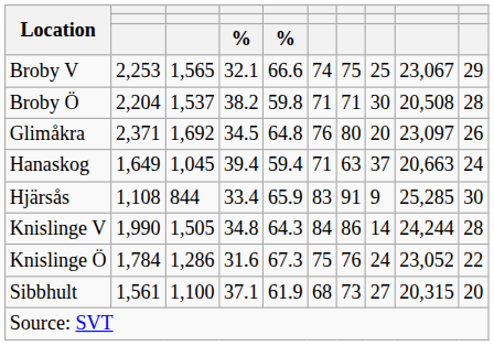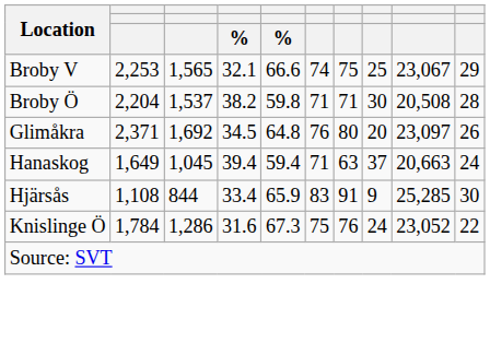 <table role="presentation" class="wikitable sortable mw-collapsible">
 <tr>
 <th rowspan="3">Location</th>
 <th></th>
 <th></th>
 <th></th>
 <th></th>
 <th></th>
 <th></th>
 <th></th>
 <th></th>
 <th></th>
 </tr>
 <tr>
 <th></th>
 <th></th>
 <th style="background:"></th>
 <th style="background:"></th>
 <th></th>
 <th></th>
 <th></th>
 <th></th>
 <th></th>
 </tr>
 <tr>
 <th data-sort-type="number"></th>
 <th data-sort-type="number"></th>
 <th data-sort-type="number">%</th>
 <th data-sort-type="number">%</th>
 <th data-sort-type="number"></th>
 <th data-sort-type="number"></th>
 <th data-sort-type="number"></th>
 <th data-sort-type="number"></th>
 <th data-sort-type="number"></th>
 </tr>
 <tr>
 <td align="left">Broby V</td>
 <td>2,253</td>
 <td>1,565</td>
 <td>32.1</td>
 <td>66.6</td>
 <td>74</td>
 <td>75</td>
 <td>25</td>
 <td>23,067</td>
 <td>29</td>
 </tr>
 <tr>
 <td align="left">Broby Ö</td>
 <td>2,204</td>
 <td>1,537</td>
 <td>38.2</td>
 <td>59.8</td>
 <td>71</td>
 <td>71</td>
 <td>30</td>
 <td>20,508</td>
 <td>28</td>
 </tr>
 <tr>
 <td align="left">Glimåkra</td>
 <td>2,371</td>
 <td>1,692</td>
 <td>34.5</td>
 <td>64.8</td>
 <td>76</td>
 <td>80</td>
 <td>20</td>
 <td>23,097</td>
 <td>26</td>
 </tr>
 <tr>
 <td align="left">Hanaskog</td>
 <td>1,649</td>
 <td>1,045</td>
 <td>39.4</td>
 <td>59.4</td>
 <td>71</td>
 <td>63</td>
 <td>37</td>
 <td>20,663</td>
 <td>24</td>
 </tr>
 <tr>
 <td align="left">Hjärsås</td>
 <td>1,108</td>
 <td>844</td>
 <td>33.4</td>
 <td>65.9</td>
 <td>83</td>
 <td>91</td>
 <td>9</td>
 <td>25,285</td>
 <td>30</td>
 </tr>
 <tr>
-<td align="left">Knislinge V</td>
-<td>1,990</td>
-<td>1,505</td>
-<td>34.8</td>
-<td>64.3</td>
-<td>84</td>
-<td>86</td>
-<td>14</td>
-<td>24,244</td>
-<td>28</td>
-</tr>
-<tr>
 <td align="left">Knislinge Ö</td>
 <td>1,784</td>
 <td>1,286</td>
 <td>31.6</td>
 <td>67.3</td>
 <td>75</td>
 <td>76</td>
 <td>24</td>
 <td>23,052</td>
 <td>22</td>
 </tr>
 <tr>
-<td align="left">Sibbhult</td>
-<td>1,561</td>
-<td>1,100</td>
-<td>37.1</td>
-<td>61.9</td>
-<td>68</td>
-<td>73</td>
-<td>27</td>
-<td>20,315</td>
-<td>20</td>
-</tr>
-<tr>
 <td colspan="10" align="left">Source: <a href='#'>SVT</a></td>
 </tr>
 </table>
